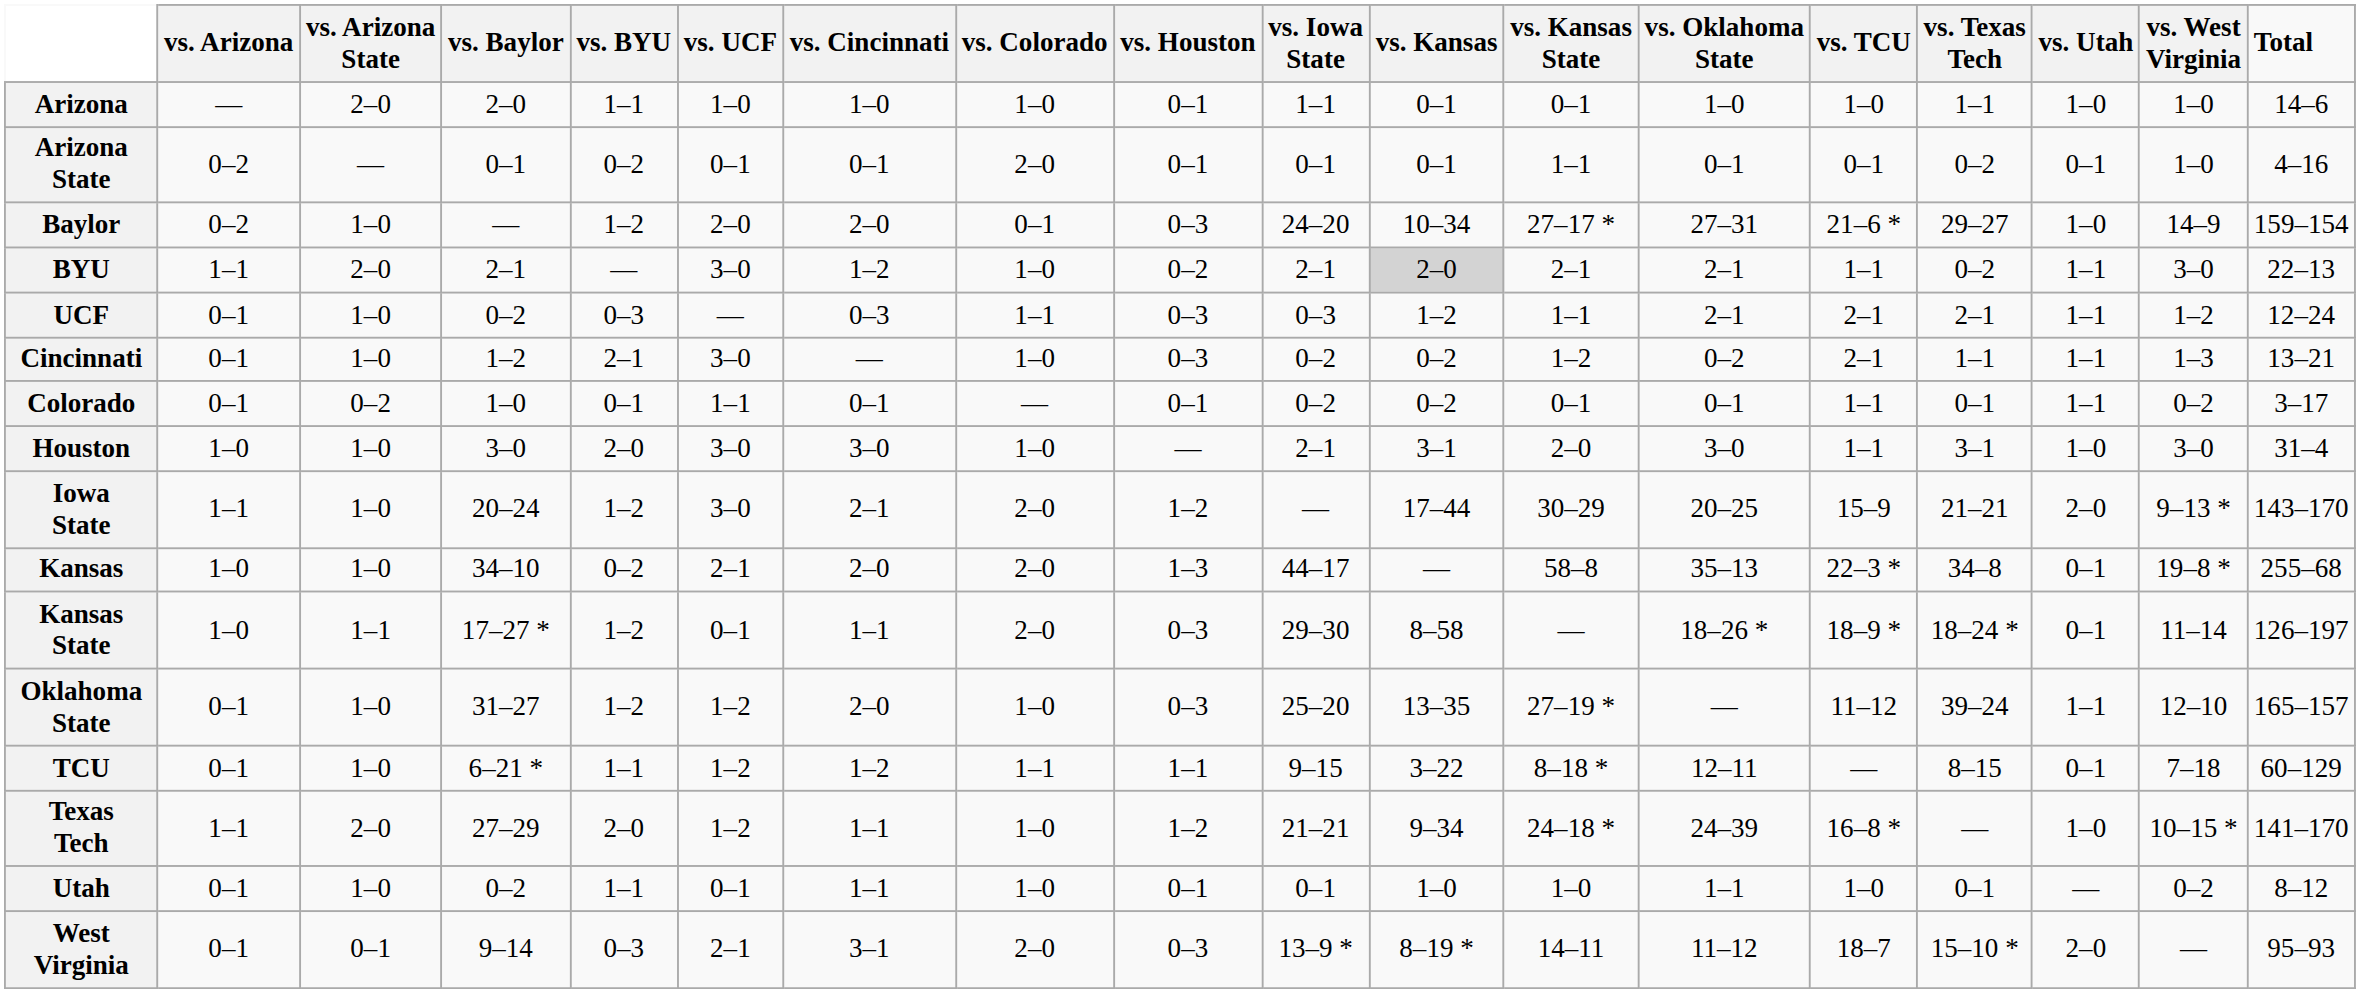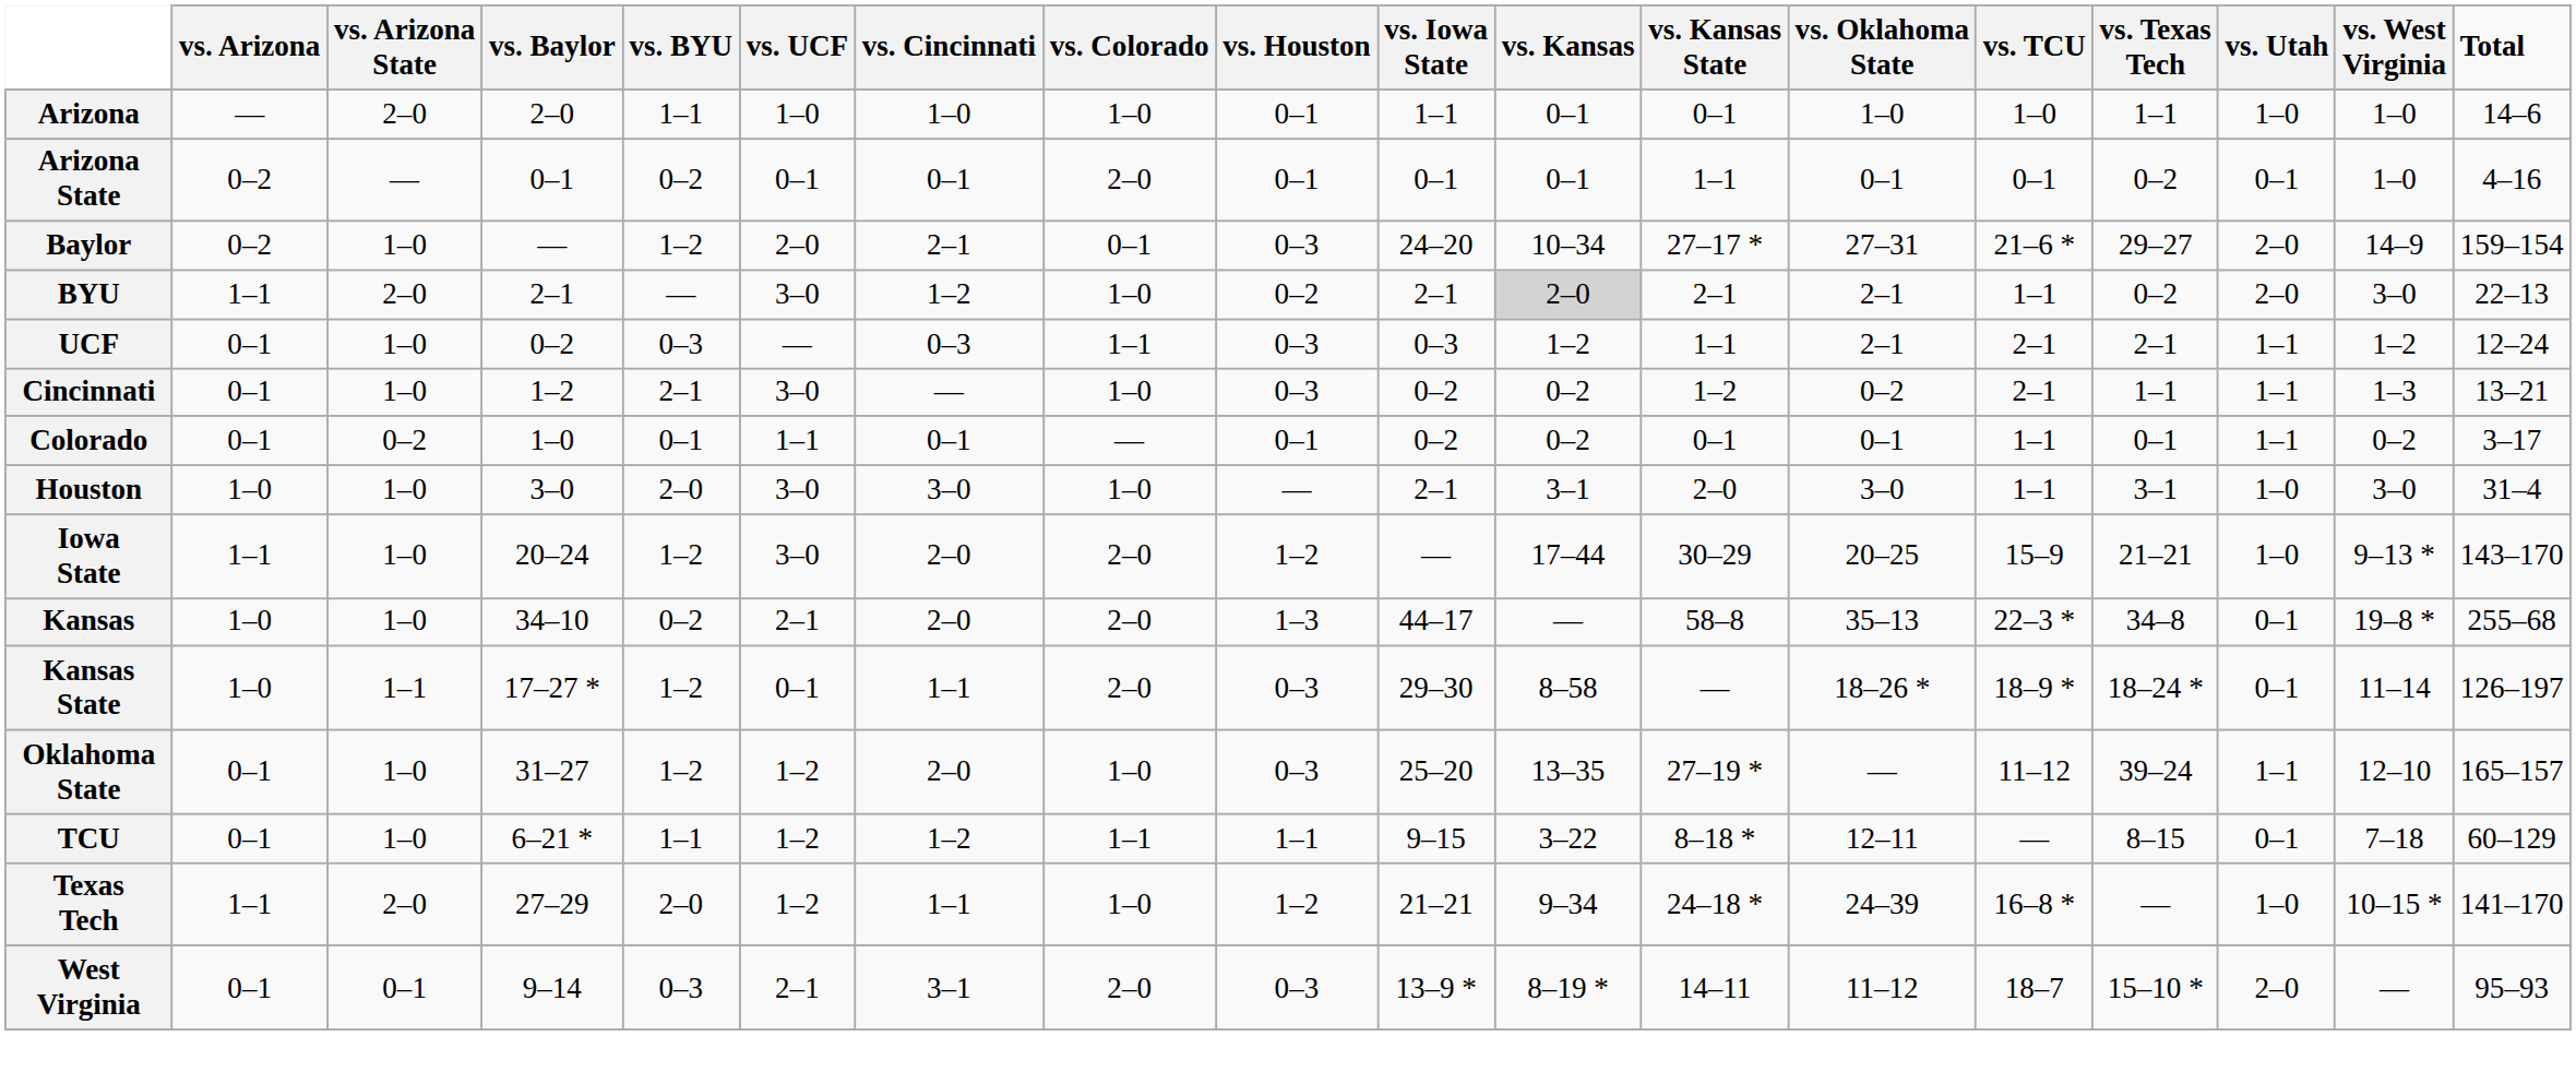 <table class="wikitable" style="white-space:nowrap; font-size:90%">
 <tr>
 <th colspan="1" style="background:white; border-top-style:hidden; border-left-style:hidden;" width="75"></th>
 <th>vs. Arizona</th>
 <th>vs. Arizona<br>State</th>
 <th>vs. Baylor</th>
 <th>vs. BYU</th>
 <th>vs. UCF</th>
 <th>vs. Cincinnati</th>
 <th>vs. Colorado</th>
 <th>vs. Houston</th>
 <th>vs. Iowa<br>State</th>
 <th>vs. Kansas</th>
 <th>vs. Kansas<br>State</th>
 <th>vs. Oklahoma<br>State</th>
 <th>vs. TCU</th>
 <th>vs. Texas<br>Tech</th>
 <th>vs. Utah</th>
 <th>vs. West<br>Virginia</th>
 <td><strong>Total</strong></td>
 </tr>
 <tr>
 <th>Arizona</th>
 <td style="text-align: center;">—</td>
 <td style="text-align: center;">2–0</td>
 <td style="text-align: center;">2–0</td>
 <td style="text-align: center;">1–1</td>
 <td style="text-align: center;">1–0</td>
 <td style="text-align: center;">1–0</td>
 <td style="text-align: center;">1–0</td>
 <td style="text-align: center;">0–1</td>
 <td style="text-align: center;">1–1</td>
 <td style="text-align: center;">0–1</td>
 <td style="text-align: center;">0–1</td>
 <td style="text-align: center;">1–0</td>
 <td style="text-align: center;">1–0</td>
 <td style="text-align: center;">1–1</td>
 <td style="text-align: center;">1–0</td>
 <td style="text-align: center;">1–0</td>
 <td style="text-align: center;">14–6</td>
 </tr>
 <tr>
 <th>Arizona<br>State</th>
 <td style="text-align: center;">0–2</td>
 <td style="text-align: center;">—</td>
 <td style="text-align: center;">0–1</td>
 <td style="text-align: center;">0–2</td>
 <td style="text-align: center;">0–1</td>
 <td style="text-align: center;">0–1</td>
 <td style="text-align: center;">2–0</td>
 <td style="text-align: center;">0–1</td>
 <td style="text-align: center;">0–1</td>
 <td style="text-align: center;">0–1</td>
 <td style="text-align: center;">1–1</td>
 <td style="text-align: center;">0–1</td>
 <td style="text-align: center;">0–1</td>
 <td style="text-align: center;">0–2</td>
 <td style="text-align: center;">0–1</td>
 <td style="text-align: center;">1–0</td>
 <td style="text-align: center;">4–16</td>
 </tr>
 <tr>
 <th>Baylor</th>
 <td style="text-align: center;">0–2</td>
 <td style="text-align: center;">1–0</td>
 <td style="text-align: center;">—</td>
 <td style="text-align: center;">1–2</td>
 <td style="text-align: center;">2–0</td>
-<td style="text-align: center;">2–0</td>
+<td style="text-align: center;">2–1</td>
 <td style="text-align: center;">0–1</td>
 <td style="text-align: center;">0–3</td>
 <td style="text-align: center;">24–20</td>
 <td style="text-align: center;">10–34</td>
 <td style="text-align: center;">27–17 *</td>
 <td style="text-align: center;">27–31</td>
 <td style="text-align: center;">21–6 *</td>
 <td style="text-align: center;">29–27</td>
-<td style="text-align: center;">1–0</td>
+<td style="text-align: center;">2–0</td>
 <td style="text-align: center;">14–9</td>
 <td style="text-align: center;">159–154</td>
 </tr>
 <tr>
 <th>BYU</th>
 <td style="text-align: center;">1–1</td>
 <td style="text-align: center;">2–0</td>
 <td style="text-align: center;">2–1</td>
 <td style="text-align: center;">—</td>
 <td style="text-align: center;">3–0</td>
 <td style="text-align: center;">1–2</td>
 <td style="text-align: center;">1–0</td>
 <td style="text-align: center;">0–2</td>
 <td style="text-align: center;">2–1</td>
 <td style="background: lightgrey; text-align: center;">2–0</td>
 <td style="text-align: center;">2–1</td>
 <td style="text-align: center;">2–1</td>
 <td style="text-align: center;">1–1</td>
 <td style="text-align: center;">0–2</td>
-<td style="text-align: center;">1–1</td>
+<td style="text-align: center;">2–0</td>
 <td style="text-align: center;">3–0</td>
 <td style="text-align: center;">22–13</td>
 </tr>
 <tr>
 <th>UCF</th>
 <td style="text-align: center;">0–1</td>
 <td style="text-align: center;">1–0</td>
 <td style="text-align: center;">0–2</td>
 <td style="text-align: center;">0–3</td>
 <td style="text-align: center;">—</td>
 <td style="text-align: center;">0–3</td>
 <td style="text-align: center;">1–1</td>
 <td style="text-align: center;">0–3</td>
 <td style="text-align: center;">0–3</td>
 <td style="text-align: center;">1–2</td>
 <td style="text-align: center;">1–1</td>
 <td style="text-align: center;">2–1</td>
 <td style="text-align: center;">2–1</td>
 <td style="text-align: center;">2–1</td>
 <td style="text-align: center;">1–1</td>
 <td style="text-align: center;">1–2</td>
 <td style="text-align: center;">12–24</td>
 </tr>
 <tr>
 <th>Cincinnati</th>
 <td style="text-align: center;">0–1</td>
 <td style="text-align: center;">1–0</td>
 <td style="text-align: center;">1–2</td>
 <td style="text-align: center;">2–1</td>
 <td style="text-align: center;">3–0</td>
 <td style="text-align: center;">—</td>
 <td style="text-align: center;">1–0</td>
 <td style="text-align: center;">0–3</td>
 <td style="text-align: center;">0–2</td>
 <td style="text-align: center;">0–2</td>
 <td style="text-align: center;">1–2</td>
 <td style="text-align: center;">0–2</td>
 <td style="text-align: center;">2–1</td>
 <td style="text-align: center;">1–1</td>
 <td style="text-align: center;">1–1</td>
 <td style="text-align: center;">1–3</td>
 <td style="text-align: center;">13–21</td>
 </tr>
 <tr>
 <th>Colorado</th>
 <td style="text-align: center;">0–1</td>
 <td style="text-align: center;">0–2</td>
 <td style="text-align: center;">1–0</td>
 <td style="text-align: center;">0–1</td>
 <td style="text-align: center;">1–1</td>
 <td style="text-align: center;">0–1</td>
 <td style="text-align: center;">—</td>
 <td style="text-align: center;">0–1</td>
 <td style="text-align: center;">0–2</td>
 <td style="text-align: center;">0–2</td>
 <td style="text-align: center;">0–1</td>
 <td style="text-align: center;">0–1</td>
 <td style="text-align: center;">1–1</td>
 <td style="text-align: center;">0–1</td>
 <td style="text-align: center;">1–1</td>
 <td style="text-align: center;">0–2</td>
 <td style="text-align: center;">3–17</td>
 </tr>
 <tr>
 <th>Houston</th>
 <td style="text-align: center;">1–0</td>
 <td style="text-align: center;">1–0</td>
 <td style="text-align: center;">3–0</td>
 <td style="text-align: center;">2–0</td>
 <td style="text-align: center;">3–0</td>
 <td style="text-align: center;">3–0</td>
 <td style="text-align: center;">1–0</td>
 <td style="text-align: center;">—</td>
 <td style="text-align: center;">2–1</td>
 <td style="text-align: center;">3–1</td>
 <td style="text-align: center;">2–0</td>
 <td style="text-align: center;">3–0</td>
 <td style="text-align: center;">1–1</td>
 <td style="text-align: center;">3–1</td>
 <td style="text-align: center;">1–0</td>
 <td style="text-align: center;">3–0</td>
 <td style="text-align: center;">31–4</td>
 </tr>
 <tr>
 <th>Iowa<br>State</th>
 <td style="text-align: center;">1–1</td>
 <td style="text-align: center;">1–0</td>
 <td style="text-align: center;">20–24</td>
 <td style="text-align: center;">1–2</td>
 <td style="text-align: center;">3–0</td>
-<td style="text-align: center;">2–1</td>
+<td style="text-align: center;">2–0</td>
 <td style="text-align: center;">2–0</td>
 <td style="text-align: center;">1–2</td>
 <td style="text-align: center;">—</td>
 <td style="text-align: center;">17–44</td>
 <td style="text-align: center;">30–29</td>
 <td style="text-align: center;">20–25</td>
 <td style="text-align: center;">15–9</td>
 <td style="text-align: center;">21–21</td>
-<td style="text-align: center;">2–0</td>
+<td style="text-align: center;">1–0</td>
 <td style="text-align: center;">9–13 *</td>
 <td style="text-align: center;">143–170</td>
 </tr>
 <tr>
 <th>Kansas</th>
 <td style="text-align: center;">1–0</td>
 <td style="text-align: center;">1–0</td>
 <td style="text-align: center;">34–10</td>
 <td style="text-align: center;">0–2</td>
 <td style="text-align: center;">2–1</td>
 <td style="text-align: center;">2–0</td>
 <td style="text-align: center;">2–0</td>
 <td style="text-align: center;">1–3</td>
 <td style="text-align: center;">44–17</td>
 <td style="text-align: center;">—</td>
 <td style="text-align: center;">58–8</td>
 <td style="text-align: center;">35–13</td>
 <td style="text-align: center;">22–3 *</td>
 <td style="text-align: center;">34–8</td>
 <td style="text-align: center;">0–1</td>
 <td style="text-align: center;">19–8 *</td>
 <td style="text-align: center;">255–68</td>
 </tr>
 <tr>
 <th>Kansas<br>State</th>
 <td style="text-align: center;">1–0</td>
 <td style="text-align: center;">1–1</td>
 <td style="text-align: center;">17–27 *</td>
 <td style="text-align: center;">1–2</td>
 <td style="text-align: center;">0–1</td>
 <td style="text-align: center;">1–1</td>
 <td style="text-align: center;">2–0</td>
 <td style="text-align: center;">0–3</td>
 <td style="text-align: center;">29–30</td>
 <td style="text-align: center;">8–58</td>
 <td style="text-align: center;">—</td>
 <td style="text-align: center;">18–26 *</td>
 <td style="text-align: center;">18–9 *</td>
 <td style="text-align: center;">18–24 *</td>
 <td style="text-align: center;">0–1</td>
 <td style="text-align: center;">11–14</td>
 <td style="text-align: center;">126–197</td>
 </tr>
 <tr>
 <th>Oklahoma<br>State</th>
 <td style="text-align: center;">0–1</td>
 <td style="text-align: center;">1–0</td>
 <td style="text-align: center;">31–27</td>
 <td style="text-align: center;">1–2</td>
 <td style="text-align: center;">1–2</td>
 <td style="text-align: center;">2–0</td>
 <td style="text-align: center;">1–0</td>
 <td style="text-align: center;">0–3</td>
 <td style="text-align: center;">25–20</td>
 <td style="text-align: center;">13–35</td>
 <td style="text-align: center;">27–19 *</td>
 <td style="text-align: center;">—</td>
 <td style="text-align: center;">11–12</td>
 <td style="text-align: center;">39–24</td>
 <td style="text-align: center;">1–1</td>
 <td style="text-align: center;">12–10</td>
 <td style="text-align: center;">165–157</td>
 </tr>
 <tr>
 <th>TCU</th>
 <td style="text-align: center;">0–1</td>
 <td style="text-align: center;">1–0</td>
 <td style="text-align: center;">6–21 *</td>
 <td style="text-align: center;">1–1</td>
 <td style="text-align: center;">1–2</td>
 <td style="text-align: center;">1–2</td>
 <td style="text-align: center;">1–1</td>
 <td style="text-align: center;">1–1</td>
 <td style="text-align: center;">9–15</td>
 <td style="text-align: center;">3–22</td>
 <td style="text-align: center;">8–18 *</td>
 <td style="text-align: center;">12–11</td>
 <td style="text-align: center;">—</td>
 <td style="text-align: center;">8–15</td>
 <td style="text-align: center;">0–1</td>
 <td style="text-align: center;">7–18</td>
 <td style="text-align: center;">60–129</td>
 </tr>
 <tr>
 <th>Texas<br>Tech</th>
 <td style="text-align: center;">1–1</td>
 <td style="text-align: center;">2–0</td>
 <td style="text-align: center;">27–29</td>
 <td style="text-align: center;">2–0</td>
 <td style="text-align: center;">1–2</td>
 <td style="text-align: center;">1–1</td>
 <td style="text-align: center;">1–0</td>
 <td style="text-align: center;">1–2</td>
 <td style="text-align: center;">21–21</td>
 <td style="text-align: center;">9–34</td>
 <td style="text-align: center;">24–18 *</td>
 <td style="text-align: center;">24–39</td>
 <td style="text-align: center;">16–8 *</td>
 <td style="text-align: center;">—</td>
 <td style="text-align: center;">1–0</td>
 <td style="text-align: center;">10–15 *</td>
 <td style="text-align: center;">141–170</td>
 </tr>
 <tr>
-<th>Utah</th>
-<td style="text-align: center;">0–1</td>
-<td style="text-align: center;">1–0</td>
-<td style="text-align: center;">0–2</td>
-<td style="text-align: center;">1–1</td>
-<td style="text-align: center;">0–1</td>
-<td style="text-align: center;">1–1</td>
-<td style="text-align: center;">1–0</td>
-<td style="text-align: center;">0–1</td>
-<td style="text-align: center;">0–1</td>
-<td style="text-align: center;">1–0</td>
-<td style="text-align: center;">1–0</td>
-<td style="text-align: center;">1–1</td>
-<td style="text-align: center;">1–0</td>
-<td style="text-align: center;">0–1</td>
-<td style="text-align: center;">—</td>
-<td style="text-align: center;">0–2</td>
-<td style="text-align: center;">8–12</td>
-</tr>
-<tr>
 <th>West<br>Virginia</th>
 <td style="text-align: center;">0–1</td>
 <td style="text-align: center;">0–1</td>
 <td style="text-align: center;">9–14</td>
 <td style="text-align: center;">0–3</td>
 <td style="text-align: center;">2–1</td>
 <td style="text-align: center;">3–1</td>
 <td style="text-align: center;">2–0</td>
 <td style="text-align: center;">0–3</td>
 <td style="text-align: center;">13–9 *</td>
 <td style="text-align: center;">8–19 *</td>
 <td style="text-align: center;">14–11</td>
 <td style="text-align: center;">11–12</td>
 <td style="text-align: center;">18–7</td>
 <td style="text-align: center;">15–10 *</td>
 <td style="text-align: center;">2–0</td>
 <td style="text-align: center;">—</td>
 <td style="text-align: center;">95–93</td>
 </tr>
 </table>
